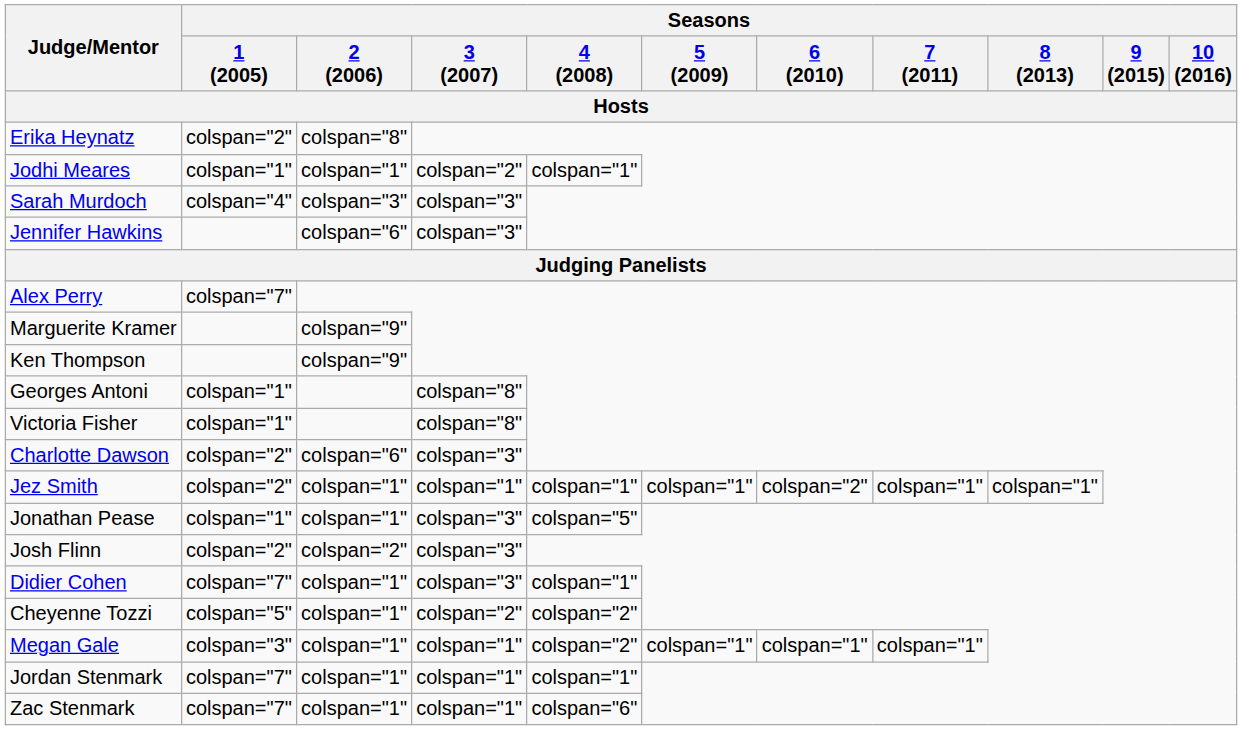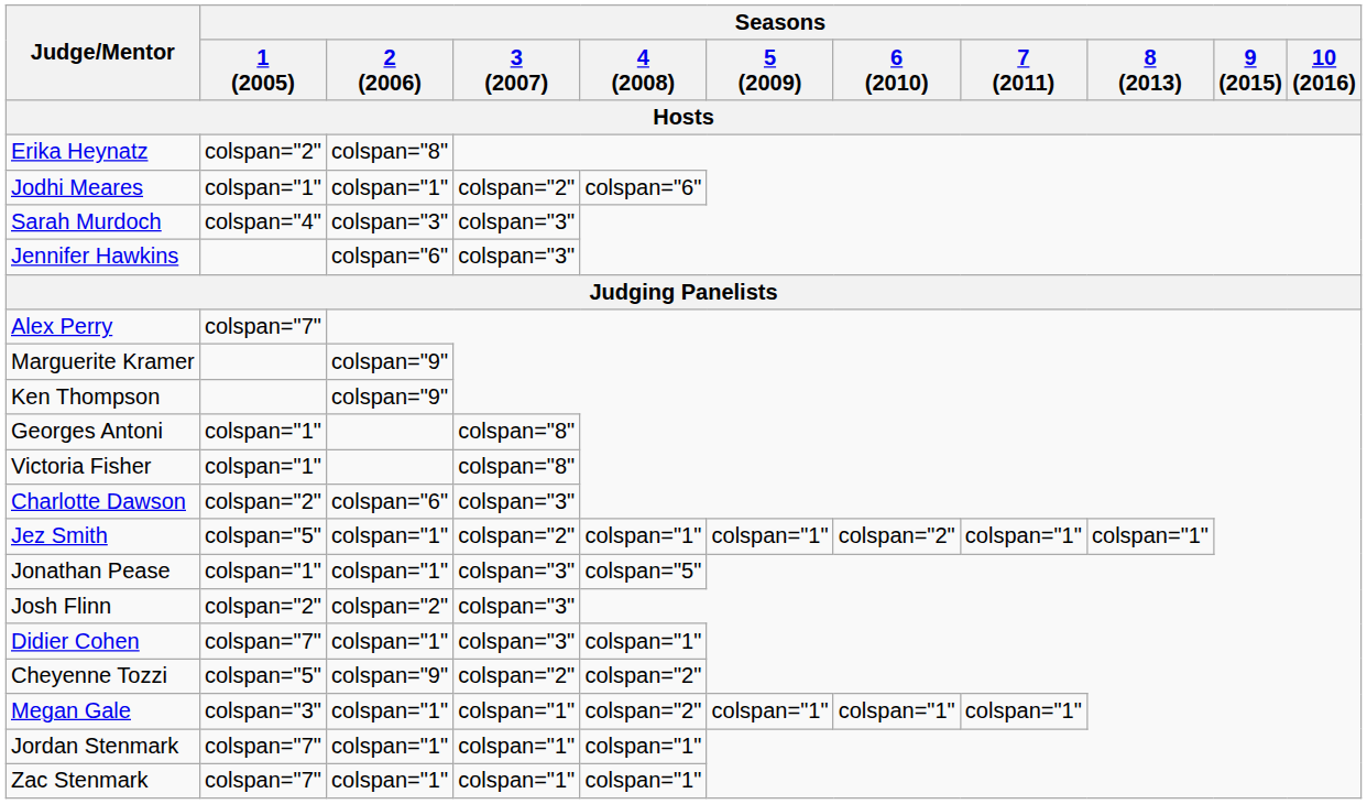 <table class="wikitable" style="margin:1em auto 1em auto;">
 <tr>
 <th rowspan="2">Judge/Mentor</th>
 <th colspan="10">Seasons</th>
 </tr>
 <tr>
 <th><a href='#'>1</a><br>(2005)</th>
 <th><a href='#'>2</a><br>(2006)</th>
 <th><a href='#'>3</a><br>(2007)</th>
 <th><a href='#'>4</a><br>(2008)</th>
 <th><a href='#'>5</a><br>(2009)</th>
 <th><a href='#'>6</a><br>(2010)</th>
 <th><a href='#'>7</a><br>(2011)</th>
 <th><a href='#'>8</a><br>(2013)</th>
 <th><a href='#'>9</a><br>(2015)</th>
 <th><a href='#'>10</a><br>(2016)</th>
 </tr>
 <tr>
 <th scope="col" colspan="13">Hosts</th>
 </tr>
 <tr>
 <td scope="row"><a href='#'>Erika Heynatz</a></td>
 <td>colspan="2" </td>
 <td>colspan="8" </td>
 </tr>
 <tr>
 <td scope="row"><a href='#'>Jodhi Meares</a></td>
 <td>colspan="1" </td>
 <td>colspan="1" </td>
 <td>colspan="2" </td>
-<td>colspan="1" </td>
+<td>colspan="6" </td>
 </tr>
 <tr>
 <td scope="row"><a href='#'>Sarah Murdoch</a></td>
 <td>colspan="4" </td>
 <td>colspan="3" </td>
 <td>colspan="3" </td>
 </tr>
 <tr>
 <td scope="row"><a href='#'>Jennifer Hawkins</a></td>
 <td></td>
 <td>colspan="6" </td>
 <td>colspan="3" </td>
 </tr>
 <tr>
 <th scope="col" colspan="13">Judging Panelists</th>
 </tr>
 <tr>
 <td scope="row"><a href='#'>Alex Perry</a></td>
 <td>colspan="7" </td>
 </tr>
 <tr>
 <td scope="row">Marguerite Kramer</td>
 <td></td>
 <td>colspan="9" </td>
 </tr>
 <tr>
 <td scope="row">Ken Thompson</td>
 <td></td>
 <td>colspan="9" </td>
 </tr>
 <tr>
 <td scope="row">Georges Antoni</td>
 <td>colspan="1" </td>
 <td></td>
 <td>colspan="8" </td>
 </tr>
 <tr>
 <td scope="row">Victoria Fisher</td>
 <td>colspan="1" </td>
 <td></td>
 <td>colspan="8" </td>
 </tr>
 <tr>
 <td scope="row"><a href='#'>Charlotte Dawson</a></td>
 <td>colspan="2" </td>
 <td>colspan="6" </td>
 <td>colspan="3" </td>
 </tr>
 <tr>
 <td scope="row"><a href='#'>Jez Smith</a></td>
+<td>colspan="5" </td>
+<td>colspan="1" </td>
 <td>colspan="2" </td>
-<td>colspan="1" </td>
-<td>colspan="1" </td>
 <td>colspan="1" </td>
 <td>colspan="1" </td>
 <td>colspan="2" </td>
 <td>colspan="1" </td>
 <td>colspan="1" </td>
 </tr>
 <tr>
 <td scope="row">Jonathan Pease</td>
 <td>colspan="1" </td>
 <td>colspan="1" </td>
 <td>colspan="3" </td>
 <td>colspan="5" </td>
 </tr>
 <tr>
 <td scope="row">Josh Flinn</td>
 <td>colspan="2" </td>
 <td>colspan="2" </td>
 <td>colspan="3" </td>
 </tr>
 <tr>
 <td scope="row"><a href='#'>Didier Cohen</a></td>
 <td>colspan="7" </td>
 <td>colspan="1" </td>
 <td>colspan="3" </td>
 <td>colspan="1" </td>
 </tr>
 <tr>
 <td scope="row">Cheyenne Tozzi</td>
 <td>colspan="5" </td>
-<td>colspan="1" </td>
+<td>colspan="9" </td>
 <td>colspan="2" </td>
 <td>colspan="2" </td>
 </tr>
 <tr>
 <td scope="row"><a href='#'>Megan Gale</a></td>
 <td>colspan="3" </td>
 <td>colspan="1" </td>
 <td>colspan="1" </td>
 <td>colspan="2" </td>
 <td>colspan="1" </td>
 <td>colspan="1" </td>
 <td>colspan="1" </td>
 </tr>
 <tr>
 <td scope="row">Jordan Stenmark</td>
 <td>colspan="7" </td>
 <td>colspan="1" </td>
 <td>colspan="1" </td>
 <td>colspan="1" </td>
 </tr>
 <tr>
 <td scope="row">Zac Stenmark</td>
 <td>colspan="7" </td>
 <td>colspan="1" </td>
 <td>colspan="1" </td>
-<td>colspan="6" </td>
+<td>colspan="1" </td>
 </tr>
 </table>
